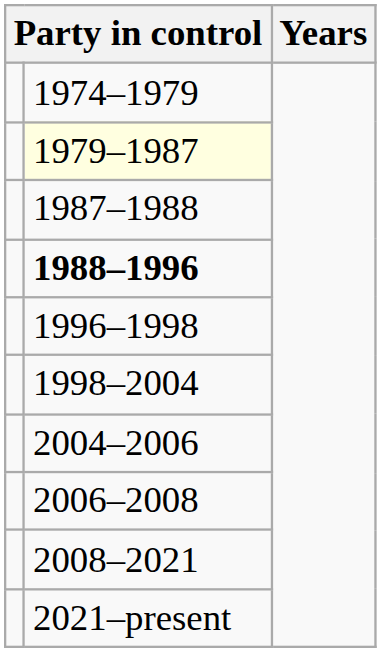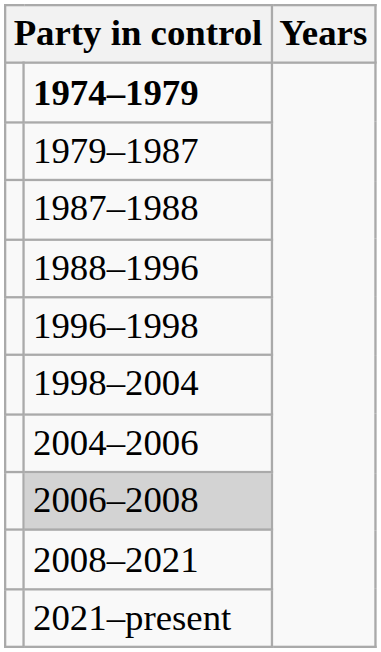 <table class="wikitable">
 <tr>
 <th colspan=2>Party in control</th>
 <th>Years</th>
 </tr>
 <tr>
 <td></td>
-<td>1974–1979</td>
+<td><strong>1974–1979</strong></td>
 </tr>
 <tr>
 <td></td>
-<td style="background: lightyellow;">1979–1987</td>
+<td>1979–1987</td>
 </tr>
 <tr>
 <td></td>
 <td>1987–1988</td>
 </tr>
 <tr>
 <td></td>
-<td><strong>1988–1996</strong></td>
+<td>1988–1996</td>
 </tr>
 <tr>
 <td></td>
 <td>1996–1998</td>
 </tr>
 <tr>
 <td></td>
 <td>1998–2004</td>
 </tr>
 <tr>
 <td></td>
 <td>2004–2006</td>
 </tr>
 <tr>
 <td></td>
-<td>2006–2008</td>
+<td style="background: lightgrey;">2006–2008</td>
 </tr>
 <tr>
 <td></td>
 <td>2008–2021</td>
 </tr>
 <tr>
 <td></td>
 <td>2021–present</td>
 </tr>
 </table>
